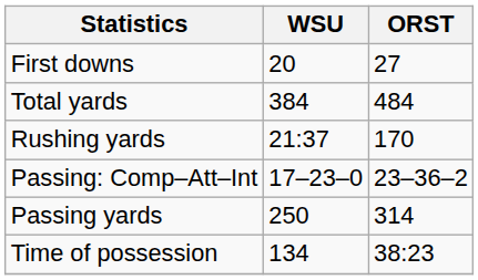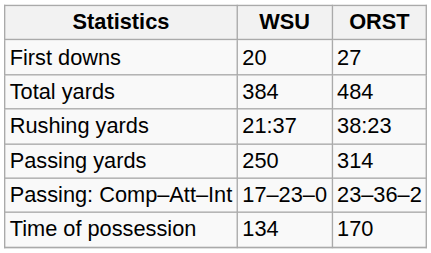 <table class="wikitable" style="float: left;">
 <tr>
 <th>Statistics</th>
 <th>WSU</th>
 <th>ORST</th>
 </tr>
 <tr>
 <td>First downs</td>
 <td>20</td>
 <td>27</td>
 </tr>
 <tr>
 <td>Total yards</td>
 <td>384</td>
 <td>484</td>
 </tr>
 <tr>
 <td>Rushing yards</td>
 <td>21:37</td>
-<td>170</td>
+<td>38:23</td>
+</tr>
+<tr>
+<td>Passing yards</td>
+<td>250</td>
+<td>314</td>
 </tr>
 <tr>
 <td>Passing: Comp–Att–Int</td>
 <td>17–23–0</td>
 <td>23–36–2</td>
 </tr>
 <tr>
-<td>Passing yards</td>
-<td>250</td>
-<td>314</td>
-</tr>
-<tr>
 <td>Time of possession</td>
 <td>134</td>
-<td>38:23</td>
+<td>170</td>
 </tr>
 <tr>
 </tr>
 </table>
